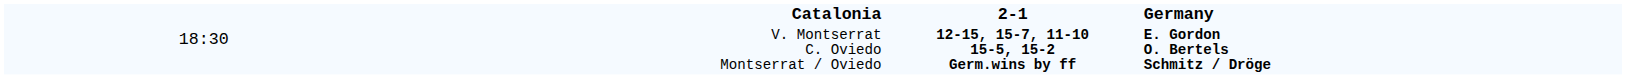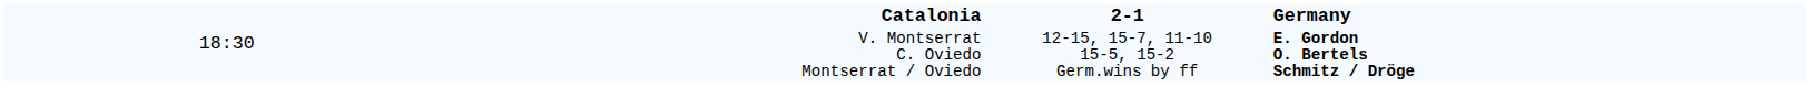 <table style="width: 100%; background:#F5FAFF;" cellspacing="0">
 <tr>
 <td align=center rowspan=3 width=20%>18:30</td>
 </tr>
 <tr>
 <td width=24% align=right><strong>Catalonia</strong></td>
 <td align=center width=13%><strong>2-1</strong></td>
 <td width=24%><strong>Germany</strong></td>
 </tr>
 <tr style=font-size:85%>
 <td align=right valign=top>V. Montserrat<br>C. Oviedo<br>Montserrat / Oviedo</td>
-<td align=center><strong>12-15, 15-7, 11-10<br>15-5, 15-2<br>Germ.wins by ff</strong></td>
+<td align=center>12-15, 15-7, 11-10<br>15-5, 15-2<br>Germ.wins by ff</td>
 <td valign=top><strong>E. Gordon<br>O. Bertels<br>Schmitz / Dröge</strong></td>
 </tr>
 </table>
